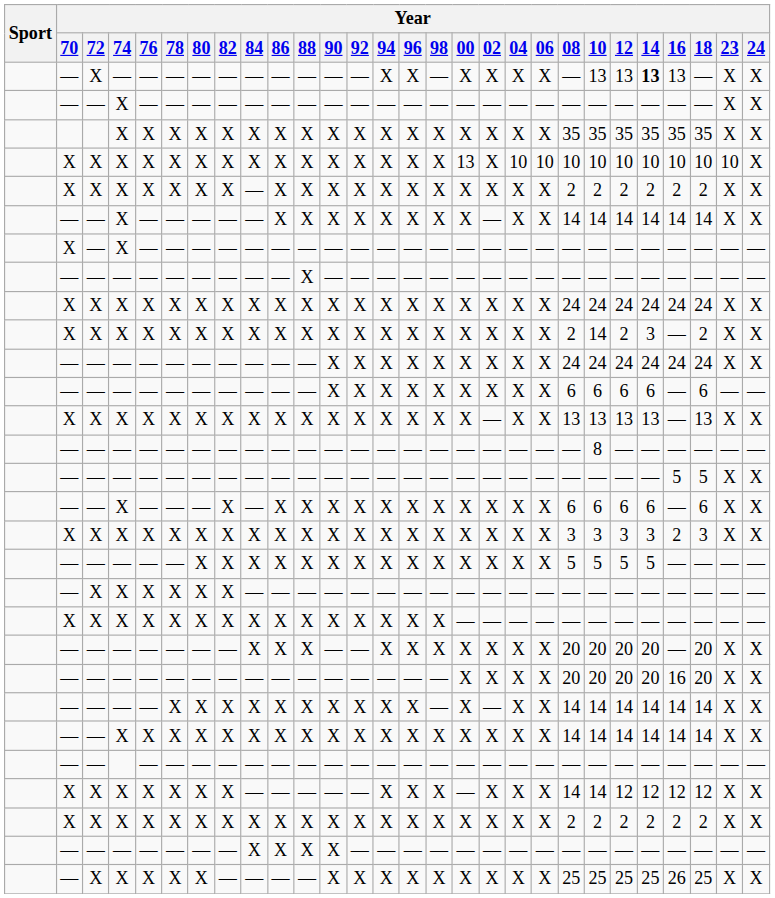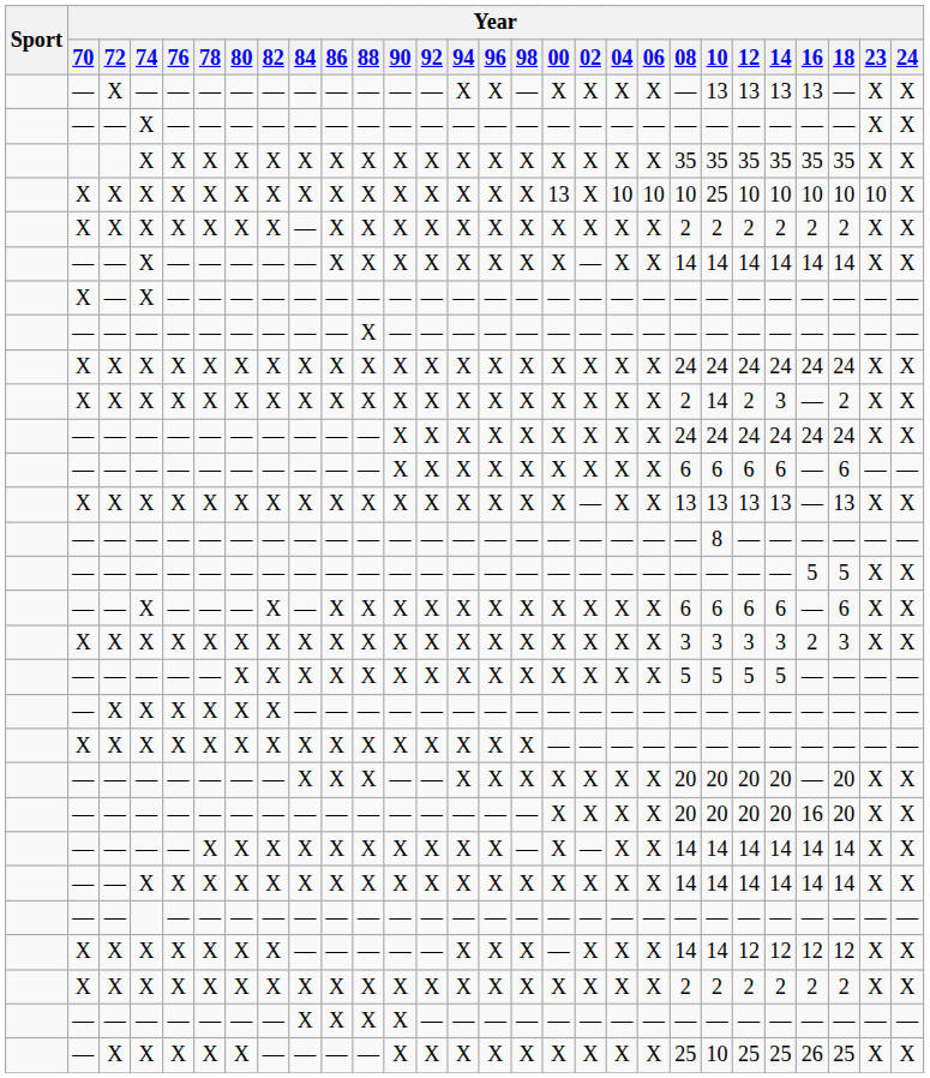 <table class=wikitable>
 <tr align=center>
 <th rowspan="2">Sport</th>
 <th colspan="27">Year</th>
 </tr>
 <tr align=center>
 <th><a href='#'>70</a></th>
 <th><a href='#'>72</a></th>
 <th><a href='#'>74</a></th>
 <th><a href='#'>76</a></th>
 <th><a href='#'>78</a></th>
 <th><a href='#'>80</a></th>
 <th><a href='#'>82</a></th>
 <th><a href='#'>84</a></th>
 <th><a href='#'>86</a></th>
 <th><a href='#'>88</a></th>
 <th><a href='#'>90</a></th>
 <th><a href='#'>92</a></th>
 <th><a href='#'>94</a></th>
 <th><a href='#'>96</a></th>
 <th><a href='#'>98</a></th>
 <th><a href='#'>00</a></th>
 <th><a href='#'>02</a></th>
 <th><a href='#'>04</a></th>
 <th><a href='#'>06</a></th>
 <th><a href='#'>08</a></th>
 <th><a href='#'>10</a></th>
 <th><a href='#'>12</a></th>
 <th><a href='#'>14</a></th>
 <th><a href='#'>16</a></th>
 <th><a href='#'>18</a></th>
 <th><a href='#'>23</a></th>
 <th><a href='#'>24</a></th>
 </tr>
 <tr align=center>
 <td align=left></td>
 <td>—</td>
 <td>X</td>
 <td>—</td>
 <td>—</td>
 <td>—</td>
 <td>—</td>
 <td>—</td>
 <td>—</td>
 <td>—</td>
 <td>—</td>
 <td>—</td>
 <td>—</td>
 <td>X</td>
 <td>X</td>
 <td>—</td>
 <td>X</td>
 <td>X</td>
 <td>X</td>
 <td>X</td>
 <td>—</td>
 <td>13</td>
 <td>13</td>
-<td><strong>13</strong></td>
+<td>13</td>
 <td>13</td>
 <td>—</td>
 <td>X</td>
 <td>X</td>
 </tr>
 <tr align=center>
 <td align=left></td>
 <td>—</td>
 <td>—</td>
 <td>X</td>
 <td>—</td>
 <td>—</td>
 <td>—</td>
 <td>—</td>
 <td>—</td>
 <td>—</td>
 <td>—</td>
 <td>—</td>
 <td>—</td>
 <td>—</td>
 <td>—</td>
 <td>—</td>
 <td>—</td>
 <td>—</td>
 <td>—</td>
 <td>—</td>
 <td>—</td>
 <td>—</td>
 <td>—</td>
 <td>—</td>
 <td>—</td>
 <td>—</td>
 <td>X</td>
 <td>X</td>
 </tr>
 <tr align=center>
 <td align=left></td>
 <td></td>
 <td></td>
 <td>X</td>
 <td>X</td>
 <td>X</td>
 <td>X</td>
 <td>X</td>
 <td>X</td>
 <td>X</td>
 <td>X</td>
 <td>X</td>
 <td>X</td>
 <td>X</td>
 <td>X</td>
 <td>X</td>
 <td>X</td>
 <td>X</td>
 <td>X</td>
 <td>X</td>
 <td>35</td>
 <td>35</td>
 <td>35</td>
 <td>35</td>
 <td>35</td>
 <td>35</td>
 <td>X</td>
 <td>X</td>
 </tr>
 <tr align=center>
 <td align=left></td>
 <td>X</td>
 <td>X</td>
 <td>X</td>
 <td>X</td>
 <td>X</td>
 <td>X</td>
 <td>X</td>
 <td>X</td>
 <td>X</td>
 <td>X</td>
 <td>X</td>
 <td>X</td>
 <td>X</td>
 <td>X</td>
 <td>X</td>
 <td>13</td>
 <td>X</td>
 <td>10</td>
 <td>10</td>
 <td>10</td>
-<td>10</td>
+<td>25</td>
 <td>10</td>
 <td>10</td>
 <td>10</td>
 <td>10</td>
 <td>10</td>
 <td>X</td>
 </tr>
 <tr align=center>
 <td align=left></td>
 <td>X</td>
 <td>X</td>
 <td>X</td>
 <td>X</td>
 <td>X</td>
 <td>X</td>
 <td>X</td>
 <td>—</td>
 <td>X</td>
 <td>X</td>
 <td>X</td>
 <td>X</td>
 <td>X</td>
 <td>X</td>
 <td>X</td>
 <td>X</td>
 <td>X</td>
 <td>X</td>
 <td>X</td>
 <td>2</td>
 <td>2</td>
 <td>2</td>
 <td>2</td>
 <td>2</td>
 <td>2</td>
 <td>X</td>
 <td>X</td>
 </tr>
 <tr align=center>
 <td align=left></td>
 <td>—</td>
 <td>—</td>
 <td>X</td>
 <td>—</td>
 <td>—</td>
 <td>—</td>
 <td>—</td>
 <td>—</td>
 <td>X</td>
 <td>X</td>
 <td>X</td>
 <td>X</td>
 <td>X</td>
 <td>X</td>
 <td>X</td>
 <td>X</td>
 <td>—</td>
 <td>X</td>
 <td>X</td>
 <td>14</td>
 <td>14</td>
 <td>14</td>
 <td>14</td>
 <td>14</td>
 <td>14</td>
 <td>X</td>
 <td>X</td>
 </tr>
 <tr align=center>
 <td align=left></td>
 <td>X</td>
 <td>—</td>
 <td>X</td>
 <td>—</td>
 <td>—</td>
 <td>—</td>
 <td>—</td>
 <td>—</td>
 <td>—</td>
 <td>—</td>
 <td>—</td>
 <td>—</td>
 <td>—</td>
 <td>—</td>
 <td>—</td>
 <td>—</td>
 <td>—</td>
 <td>—</td>
 <td>—</td>
 <td>—</td>
 <td>—</td>
 <td>—</td>
 <td>—</td>
 <td>—</td>
 <td>—</td>
 <td>—</td>
 <td>—</td>
 </tr>
 <tr align=center>
 <td align=left></td>
 <td>—</td>
 <td>—</td>
 <td>—</td>
 <td>—</td>
 <td>—</td>
 <td>—</td>
 <td>—</td>
 <td>—</td>
 <td>—</td>
 <td>X</td>
 <td>—</td>
 <td>—</td>
 <td>—</td>
 <td>—</td>
 <td>—</td>
 <td>—</td>
 <td>—</td>
 <td>—</td>
 <td>—</td>
 <td>—</td>
 <td>—</td>
 <td>—</td>
 <td>—</td>
 <td>—</td>
 <td>—</td>
 <td>—</td>
 <td>—</td>
 </tr>
 <tr align=center>
 <td align=left></td>
 <td>X</td>
 <td>X</td>
 <td>X</td>
 <td>X</td>
 <td>X</td>
 <td>X</td>
 <td>X</td>
 <td>X</td>
 <td>X</td>
 <td>X</td>
 <td>X</td>
 <td>X</td>
 <td>X</td>
 <td>X</td>
 <td>X</td>
 <td>X</td>
 <td>X</td>
 <td>X</td>
 <td>X</td>
 <td>24</td>
 <td>24</td>
 <td>24</td>
 <td>24</td>
 <td>24</td>
 <td>24</td>
 <td>X</td>
 <td>X</td>
 </tr>
 <tr align=center>
 <td align=left></td>
 <td>X</td>
 <td>X</td>
 <td>X</td>
 <td>X</td>
 <td>X</td>
 <td>X</td>
 <td>X</td>
 <td>X</td>
 <td>X</td>
 <td>X</td>
 <td>X</td>
 <td>X</td>
 <td>X</td>
 <td>X</td>
 <td>X</td>
 <td>X</td>
 <td>X</td>
 <td>X</td>
 <td>X</td>
 <td>2</td>
 <td>14</td>
 <td>2</td>
 <td>3</td>
 <td>—</td>
 <td>2</td>
 <td>X</td>
 <td>X</td>
 </tr>
 <tr align=center>
 <td align=left></td>
 <td>—</td>
 <td>—</td>
 <td>—</td>
 <td>—</td>
 <td>—</td>
 <td>—</td>
 <td>—</td>
 <td>—</td>
 <td>—</td>
 <td>—</td>
 <td>X</td>
 <td>X</td>
 <td>X</td>
 <td>X</td>
 <td>X</td>
 <td>X</td>
 <td>X</td>
 <td>X</td>
 <td>X</td>
 <td>24</td>
 <td>24</td>
 <td>24</td>
 <td>24</td>
 <td>24</td>
 <td>24</td>
 <td>X</td>
 <td>X</td>
 </tr>
 <tr align=center>
 <td align=left></td>
 <td>—</td>
 <td>—</td>
 <td>—</td>
 <td>—</td>
 <td>—</td>
 <td>—</td>
 <td>—</td>
 <td>—</td>
 <td>—</td>
 <td>—</td>
 <td>X</td>
 <td>X</td>
 <td>X</td>
 <td>X</td>
 <td>X</td>
 <td>X</td>
 <td>X</td>
 <td>X</td>
 <td>X</td>
 <td>6</td>
 <td>6</td>
 <td>6</td>
 <td>6</td>
 <td>—</td>
 <td>6</td>
 <td>—</td>
 <td>—</td>
 </tr>
 <tr align=center>
 <td align=left></td>
 <td>X</td>
 <td>X</td>
 <td>X</td>
 <td>X</td>
 <td>X</td>
 <td>X</td>
 <td>X</td>
 <td>X</td>
 <td>X</td>
 <td>X</td>
 <td>X</td>
 <td>X</td>
 <td>X</td>
 <td>X</td>
 <td>X</td>
 <td>X</td>
 <td>—</td>
 <td>X</td>
 <td>X</td>
 <td>13</td>
 <td>13</td>
 <td>13</td>
 <td>13</td>
 <td>—</td>
 <td>13</td>
 <td>X</td>
 <td>X</td>
 </tr>
 <tr align=center>
 <td align=left></td>
 <td>—</td>
 <td>—</td>
 <td>—</td>
 <td>—</td>
 <td>—</td>
 <td>—</td>
 <td>—</td>
 <td>—</td>
 <td>—</td>
 <td>—</td>
 <td>—</td>
 <td>—</td>
 <td>—</td>
 <td>—</td>
 <td>—</td>
 <td>—</td>
 <td>—</td>
 <td>—</td>
 <td>—</td>
 <td>—</td>
 <td>8</td>
 <td>—</td>
 <td>—</td>
 <td>—</td>
 <td>—</td>
 <td>—</td>
 <td>—</td>
 </tr>
 <tr align=center>
 <td align=left></td>
 <td>—</td>
 <td>—</td>
 <td>—</td>
 <td>—</td>
 <td>—</td>
 <td>—</td>
 <td>—</td>
 <td>—</td>
 <td>—</td>
 <td>—</td>
 <td>—</td>
 <td>—</td>
 <td>—</td>
 <td>—</td>
 <td>—</td>
 <td>—</td>
 <td>—</td>
 <td>—</td>
 <td>—</td>
 <td>—</td>
 <td>—</td>
 <td>—</td>
 <td>—</td>
 <td>5</td>
 <td>5</td>
 <td>X</td>
 <td>X</td>
 </tr>
 <tr align=center>
 <td align=left></td>
 <td>—</td>
 <td>—</td>
 <td>X</td>
 <td>—</td>
 <td>—</td>
 <td>—</td>
 <td>X</td>
 <td>—</td>
 <td>X</td>
 <td>X</td>
 <td>X</td>
 <td>X</td>
 <td>X</td>
 <td>X</td>
 <td>X</td>
 <td>X</td>
 <td>X</td>
 <td>X</td>
 <td>X</td>
 <td>6</td>
 <td>6</td>
 <td>6</td>
 <td>6</td>
 <td>—</td>
 <td>6</td>
 <td>X</td>
 <td>X</td>
 </tr>
 <tr align=center>
 <td align=left></td>
 <td>X</td>
 <td>X</td>
 <td>X</td>
 <td>X</td>
 <td>X</td>
 <td>X</td>
 <td>X</td>
 <td>X</td>
 <td>X</td>
 <td>X</td>
 <td>X</td>
 <td>X</td>
 <td>X</td>
 <td>X</td>
 <td>X</td>
 <td>X</td>
 <td>X</td>
 <td>X</td>
 <td>X</td>
 <td>3</td>
 <td>3</td>
 <td>3</td>
 <td>3</td>
 <td>2</td>
 <td>3</td>
 <td>X</td>
 <td>X</td>
 </tr>
 <tr align=center>
 <td align=left></td>
 <td>—</td>
 <td>—</td>
 <td>—</td>
 <td>—</td>
 <td>—</td>
 <td>X</td>
 <td>X</td>
 <td>X</td>
 <td>X</td>
 <td>X</td>
 <td>X</td>
 <td>X</td>
 <td>X</td>
 <td>X</td>
 <td>X</td>
 <td>X</td>
 <td>X</td>
 <td>X</td>
 <td>X</td>
 <td>5</td>
 <td>5</td>
 <td>5</td>
 <td>5</td>
 <td>—</td>
 <td>—</td>
 <td>—</td>
 <td>—</td>
 </tr>
 <tr align=center>
 <td align=left></td>
 <td>—</td>
 <td>X</td>
 <td>X</td>
 <td>X</td>
 <td>X</td>
 <td>X</td>
 <td>X</td>
 <td>—</td>
 <td>—</td>
 <td>—</td>
 <td>—</td>
 <td>—</td>
 <td>—</td>
 <td>—</td>
 <td>—</td>
 <td>—</td>
 <td>—</td>
 <td>—</td>
 <td>—</td>
 <td>—</td>
 <td>—</td>
 <td>—</td>
 <td>—</td>
 <td>—</td>
 <td>—</td>
 <td>—</td>
 <td>—</td>
 </tr>
 <tr align=center>
 <td align=left></td>
 <td>X</td>
 <td>X</td>
 <td>X</td>
 <td>X</td>
 <td>X</td>
 <td>X</td>
 <td>X</td>
 <td>X</td>
 <td>X</td>
 <td>X</td>
 <td>X</td>
 <td>X</td>
 <td>X</td>
 <td>X</td>
 <td>X</td>
 <td>—</td>
 <td>—</td>
 <td>—</td>
 <td>—</td>
 <td>—</td>
 <td>—</td>
 <td>—</td>
 <td>—</td>
 <td>—</td>
 <td>—</td>
 <td>—</td>
 <td>—</td>
 </tr>
 <tr align=center>
 <td align=left></td>
 <td>—</td>
 <td>—</td>
 <td>—</td>
 <td>—</td>
 <td>—</td>
 <td>—</td>
 <td>—</td>
 <td>X</td>
 <td>X</td>
 <td>X</td>
 <td>—</td>
 <td>—</td>
 <td>X</td>
 <td>X</td>
 <td>X</td>
 <td>X</td>
 <td>X</td>
 <td>X</td>
 <td>X</td>
 <td>20</td>
 <td>20</td>
 <td>20</td>
 <td>20</td>
 <td>—</td>
 <td>20</td>
 <td>X</td>
 <td>X</td>
 </tr>
 <tr align=center>
 <td align=left></td>
 <td>—</td>
 <td>—</td>
 <td>—</td>
 <td>—</td>
 <td>—</td>
 <td>—</td>
 <td>—</td>
 <td>—</td>
 <td>—</td>
 <td>—</td>
 <td>—</td>
 <td>—</td>
 <td>—</td>
 <td>—</td>
 <td>—</td>
 <td>X</td>
 <td>X</td>
 <td>X</td>
 <td>X</td>
 <td>20</td>
 <td>20</td>
 <td>20</td>
 <td>20</td>
 <td>16</td>
 <td>20</td>
 <td>X</td>
 <td>X</td>
 </tr>
 <tr align=center>
 <td align=left></td>
 <td>—</td>
 <td>—</td>
 <td>—</td>
 <td>—</td>
 <td>X</td>
 <td>X</td>
 <td>X</td>
 <td>X</td>
 <td>X</td>
 <td>X</td>
 <td>X</td>
 <td>X</td>
 <td>X</td>
 <td>X</td>
 <td>—</td>
 <td>X</td>
 <td>—</td>
 <td>X</td>
 <td>X</td>
 <td>14</td>
 <td>14</td>
 <td>14</td>
 <td>14</td>
 <td>14</td>
 <td>14</td>
 <td>X</td>
 <td>X</td>
 </tr>
 <tr align=center>
 <td align=left></td>
 <td>—</td>
 <td>—</td>
 <td>X</td>
 <td>X</td>
 <td>X</td>
 <td>X</td>
 <td>X</td>
 <td>X</td>
 <td>X</td>
 <td>X</td>
 <td>X</td>
 <td>X</td>
 <td>X</td>
 <td>X</td>
 <td>X</td>
 <td>X</td>
 <td>X</td>
 <td>X</td>
 <td>X</td>
 <td>14</td>
 <td>14</td>
 <td>14</td>
 <td>14</td>
 <td>14</td>
 <td>14</td>
 <td>X</td>
 <td>X</td>
 </tr>
 <tr align=center>
 <td align=left></td>
 <td>—</td>
 <td>—</td>
 <td></td>
 <td>—</td>
 <td>—</td>
 <td>—</td>
 <td>—</td>
 <td>—</td>
 <td>—</td>
 <td>—</td>
 <td>—</td>
 <td>—</td>
 <td>—</td>
 <td>—</td>
 <td>—</td>
 <td>—</td>
 <td>—</td>
 <td>—</td>
 <td>—</td>
 <td>—</td>
 <td>—</td>
 <td>—</td>
 <td>—</td>
 <td>—</td>
 <td>—</td>
 <td>—</td>
 <td>—</td>
 </tr>
 <tr align=center>
 <td align=left></td>
 <td>X</td>
 <td>X</td>
 <td>X</td>
 <td>X</td>
 <td>X</td>
 <td>X</td>
 <td>X</td>
 <td>—</td>
 <td>—</td>
 <td>—</td>
 <td>—</td>
 <td>—</td>
 <td>X</td>
 <td>X</td>
 <td>X</td>
 <td>—</td>
 <td>X</td>
 <td>X</td>
 <td>X</td>
 <td>14</td>
 <td>14</td>
 <td>12</td>
 <td>12</td>
 <td>12</td>
 <td>12</td>
 <td>X</td>
 <td>X</td>
 </tr>
 <tr align=center>
 <td align=left></td>
 <td>X</td>
 <td>X</td>
 <td>X</td>
 <td>X</td>
 <td>X</td>
 <td>X</td>
 <td>X</td>
 <td>X</td>
 <td>X</td>
 <td>X</td>
 <td>X</td>
 <td>X</td>
 <td>X</td>
 <td>X</td>
 <td>X</td>
 <td>X</td>
 <td>X</td>
 <td>X</td>
 <td>X</td>
 <td>2</td>
 <td>2</td>
 <td>2</td>
 <td>2</td>
 <td>2</td>
 <td>2</td>
 <td>X</td>
 <td>X</td>
 </tr>
 <tr align=center>
 <td align=left></td>
 <td>—</td>
 <td>—</td>
 <td>—</td>
 <td>—</td>
 <td>—</td>
 <td>—</td>
 <td>—</td>
 <td>X</td>
 <td>X</td>
 <td>X</td>
 <td>X</td>
 <td>—</td>
 <td>—</td>
 <td>—</td>
 <td>—</td>
 <td>—</td>
 <td>—</td>
 <td>—</td>
 <td>—</td>
 <td>—</td>
 <td>—</td>
 <td>—</td>
 <td>—</td>
 <td>—</td>
 <td>—</td>
 <td>—</td>
 <td>—</td>
 </tr>
 <tr align=center>
 <td align=left></td>
 <td>—</td>
 <td>X</td>
 <td>X</td>
 <td>X</td>
 <td>X</td>
 <td>X</td>
 <td>—</td>
 <td>—</td>
 <td>—</td>
 <td>—</td>
 <td>X</td>
 <td>X</td>
 <td>X</td>
 <td>X</td>
 <td>X</td>
 <td>X</td>
 <td>X</td>
 <td>X</td>
 <td>X</td>
 <td>25</td>
-<td>25</td>
+<td>10</td>
 <td>25</td>
 <td>25</td>
 <td>26</td>
 <td>25</td>
 <td>X</td>
 <td>X</td>
 </tr>
 </table>
